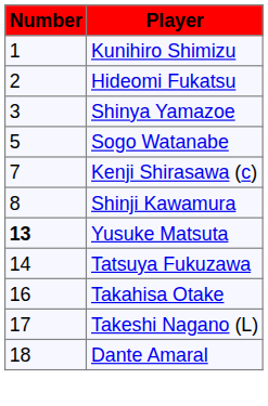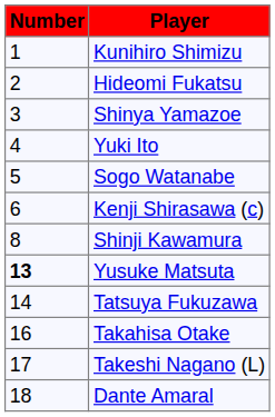 <table bgcolor="#f7f8ff" cellpadding="3" cellspacing="0" border="1" style="font-size: 95%; border: gray solid 1px; border-collapse: collapse;">
 <tr bgcolor="#ff0000">
 <td align=center><strong>Number</strong></td>
 <td align=center><strong>Player</strong></td>
 </tr>
 <tr align="left">
 <td>1</td>
 <td> <a href='#'>Kunihiro Shimizu</a></td>
 </tr>
 <tr align=left>
 <td>2</td>
 <td> <a href='#'>Hideomi Fukatsu</a></td>
 </tr>
 <tr align="left">
 <td>3</td>
 <td> <a href='#'>Shinya Yamazoe</a></td>
 </tr>
 <tr align="left">
+<td>4</td>
+<td> <a href='#'>Yuki Ito</a></td>
+</tr>
+<tr align="left">
 <td>5</td>
 <td> <a href='#'>Sogo Watanabe</a></td>
 </tr>
 <tr align="left">
-<td>7</td>
+<td>6</td>
 <td> <a href='#'>Kenji Shirasawa</a> (<a href='#'>c</a>)</td>
 </tr>
 <tr align="left">
 <td>8</td>
 <td> <a href='#'>Shinji Kawamura</a></td>
 </tr>
 <tr align="left">
 <td><strong>13</strong></td>
 <td> <a href='#'>Yusuke Matsuta</a></td>
 </tr>
 <tr align="left">
 <td>14</td>
 <td> <a href='#'>Tatsuya Fukuzawa</a></td>
 </tr>
 <tr align="left">
 <td>16</td>
 <td> <a href='#'>Takahisa Otake</a></td>
 </tr>
 <tr align="left">
 <td>17</td>
 <td> <a href='#'>Takeshi Nagano</a> (L)</td>
 </tr>
 <tr align="left">
 <td>18</td>
 <td> <a href='#'>Dante Amaral</a></td>
 </tr>
 </table>
